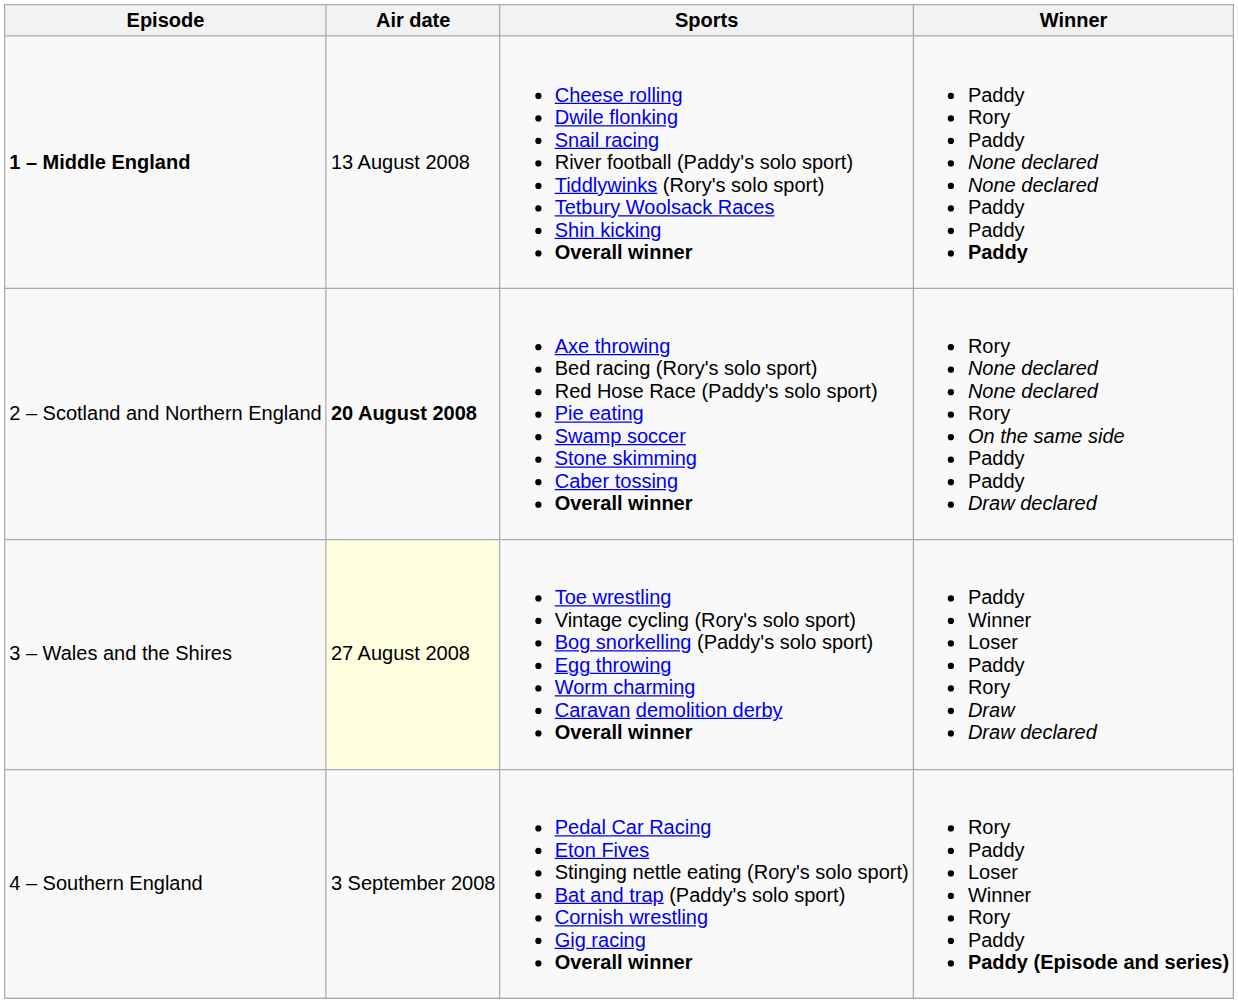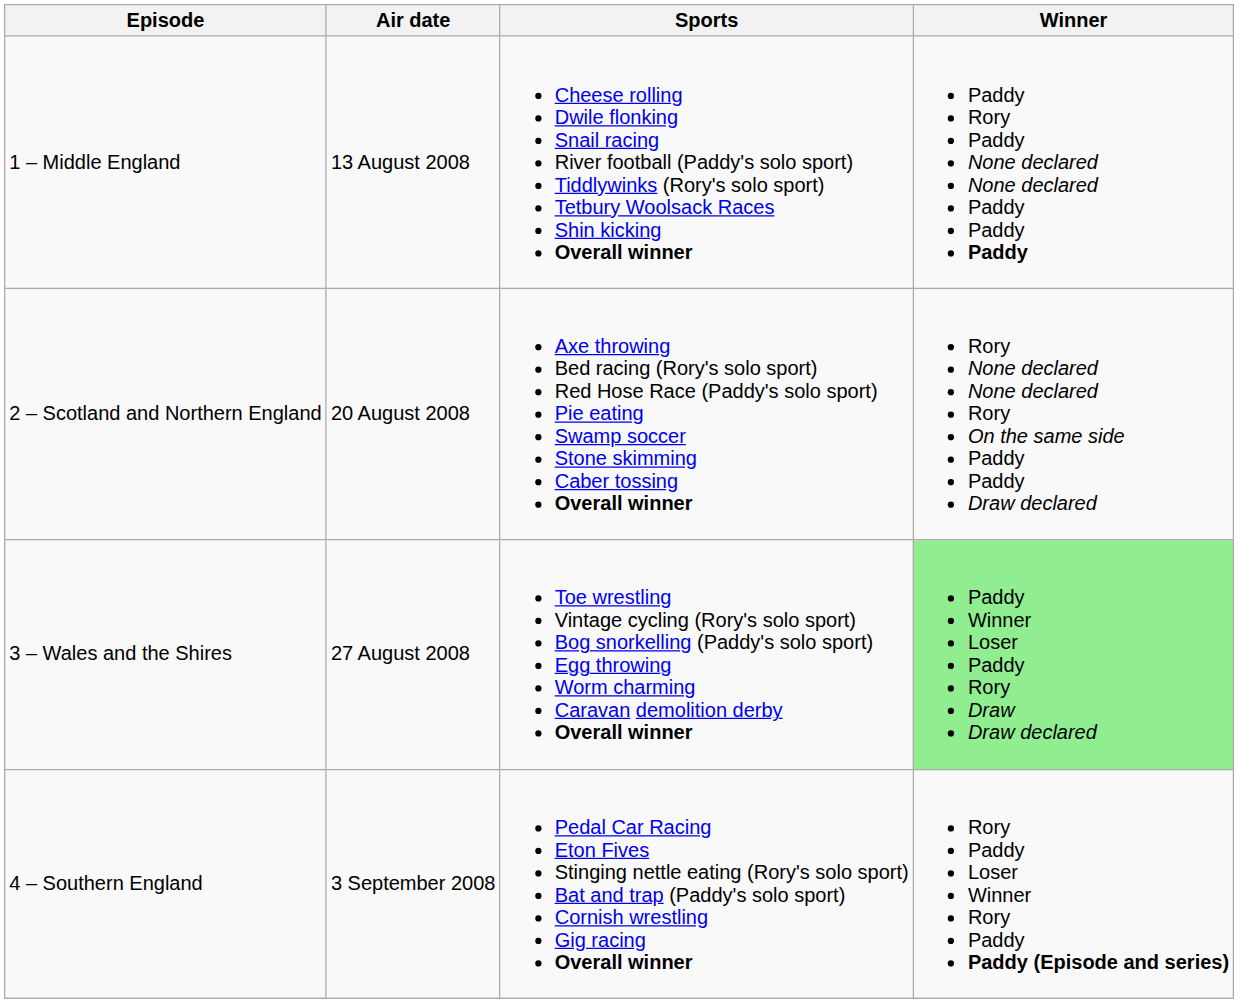 <table class="wikitable">
 <tr>
 <th>Episode</th>
 <th>Air date</th>
 <th>Sports</th>
 <th>Winner</th>
 </tr>
 <tr>
-<td><strong>1 – Middle England</strong></td>
+<td>1 – Middle England</td>
 <td>13 August 2008</td>
 <td><br><ul><li><a href='#'>Cheese rolling</a></li><li><a href='#'>Dwile flonking</a></li><li><a href='#'>Snail racing</a></li><li>River football (Paddy's solo sport)</li><li><a href='#'>Tiddlywinks</a> (Rory's solo sport)</li><li><a href='#'>Tetbury Woolsack Races</a></li><li><a href='#'>Shin kicking</a></li><li><strong>Overall winner</strong></li></ul></td>
 <td><br><ul><li>Paddy</li><li>Rory</li><li>Paddy</li><li><em>None declared</em></li><li><em>None declared</em></li><li>Paddy</li><li>Paddy</li><li><strong>Paddy</strong></li></ul></td>
 </tr>
 <tr>
 <td>2 – Scotland and Northern England</td>
-<td><strong>20 August 2008</strong></td>
+<td>20 August 2008</td>
 <td><br><ul><li><a href='#'>Axe throwing</a></li><li>Bed racing (Rory's solo sport)</li><li>Red Hose Race (Paddy's solo sport)</li><li><a href='#'>Pie eating</a></li><li><a href='#'>Swamp soccer</a></li><li><a href='#'>Stone skimming</a></li><li><a href='#'>Caber tossing</a></li><li><strong>Overall winner</strong></li></ul></td>
 <td><br><ul><li>Rory</li><li><em>None declared</em></li><li><em>None declared</em></li><li>Rory</li><li><em>On the same side</em></li><li>Paddy</li><li>Paddy</li><li><em>Draw declared</em></li></ul></td>
 </tr>
 <tr>
 <td>3 – Wales and the Shires</td>
-<td style="background: lightyellow;">27 August 2008</td>
+<td>27 August 2008</td>
 <td><br><ul><li><a href='#'>Toe wrestling</a></li><li>Vintage cycling (Rory's solo sport)</li><li><a href='#'>Bog snorkelling</a> (Paddy's solo sport)</li><li><a href='#'>Egg throwing</a></li><li><a href='#'>Worm charming</a></li><li><a href='#'>Caravan</a> <a href='#'>demolition derby</a></li><li><strong>Overall winner</strong></li></ul></td>
-<td><br><ul><li>Paddy</li><li>Winner</li><li>Loser</li><li>Paddy</li><li>Rory</li><li><em>Draw</em></li><li><em>Draw declared</em></li></ul></td>
+<td style="background: lightgreen;"><br><ul><li>Paddy</li><li>Winner</li><li>Loser</li><li>Paddy</li><li>Rory</li><li><em>Draw</em></li><li><em>Draw declared</em></li></ul></td>
 </tr>
 <tr>
 <td>4 – Southern England</td>
 <td>3 September 2008</td>
 <td><br><ul><li><a href='#'>Pedal Car Racing</a></li><li><a href='#'>Eton Fives</a></li><li>Stinging nettle eating (Rory's solo sport)</li><li><a href='#'>Bat and trap</a> (Paddy's solo sport)</li><li><a href='#'>Cornish wrestling</a></li><li><a href='#'>Gig racing</a></li><li><strong>Overall winner</strong></li></ul></td>
 <td><br><ul><li>Rory</li><li>Paddy</li><li>Loser</li><li>Winner</li><li>Rory</li><li>Paddy</li><li><strong>Paddy (Episode and series)</strong></li></ul></td>
 </tr>
 <tr>
 </tr>
 </table>
